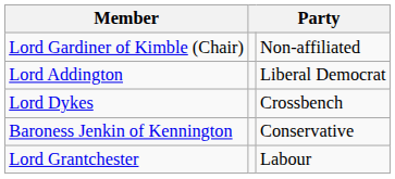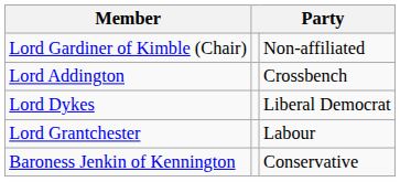 <table class=wikitable>
 <tr>
 <th>Member</th>
 <th colspan=2>Party</th>
 </tr>
 <tr>
 <td><a href='#'>Lord Gardiner of Kimble</a> (Chair)</td>
 <td style="background:"></td>
 <td>Non-affiliated</td>
 </tr>
 <tr>
 <td><a href='#'>Lord Addington</a></td>
 <td style="background:"></td>
-<td>Liberal Democrat</td>
+<td>Crossbench</td>
 </tr>
 <tr>
 <td><a href='#'>Lord Dykes</a></td>
 <td style="background:"></td>
-<td>Crossbench</td>
+<td>Liberal Democrat</td>
+</tr>
+<tr>
+<td><a href='#'>Lord Grantchester</a></td>
+<td style="background:"></td>
+<td>Labour</td>
 </tr>
 <tr>
 <td><a href='#'>Baroness Jenkin of Kennington</a></td>
 <td style="background:"></td>
 <td>Conservative</td>
 </tr>
-<tr>
-<td><a href='#'>Lord Grantchester</a></td>
-<td style="background:"></td>
-<td>Labour</td>
-</tr>
 </table>
